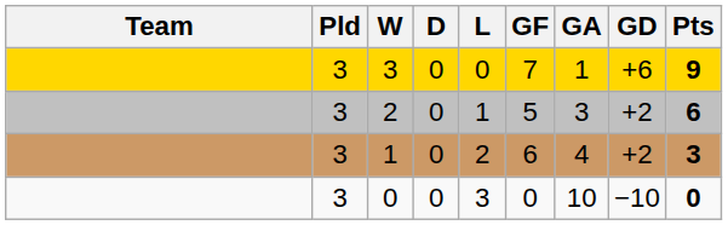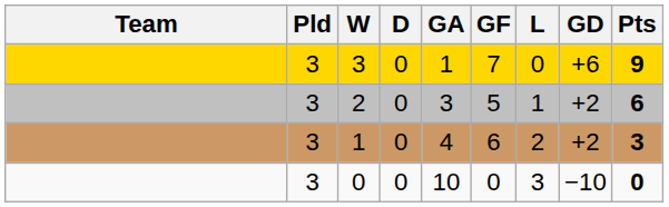 <table class="wikitable" style="text-align:center;">
 <tr>
 <th width=175>Team</th>
 <th width=20 abbr="Played">Pld</th>
 <th width=20 abbr="Won">W</th>
 <th width=20 abbr="Drawn">D</th>
+<th width=20 abbr="Goals against">GA</th>
+<th width=20 abbr="Goals for">GF</th>
 <th width=20 abbr="Lost">L</th>
-<th width=20 abbr="Goals for">GF</th>
-<th width=20 abbr="Goals against">GA</th>
 <th width=20 abbr="Goal difference">GD</th>
 <th width=20 abbr="Points">Pts</th>
 </tr>
 <tr bgcolor=gold>
 <td align="left"><strong></strong></td>
 <td>3</td>
 <td>3</td>
 <td>0</td>
+<td>1</td>
+<td>7</td>
 <td>0</td>
-<td>7</td>
-<td>1</td>
 <td>+6</td>
 <td><strong>9</strong></td>
 </tr>
 <tr bgcolor=silver>
 <td align="left"></td>
 <td>3</td>
 <td>2</td>
 <td>0</td>
+<td>3</td>
+<td>5</td>
 <td>1</td>
-<td>5</td>
-<td>3</td>
 <td>+2</td>
 <td><strong>6</strong></td>
 </tr>
 <tr bgcolor=#cc9966>
 <td align="left"></td>
 <td>3</td>
 <td>1</td>
 <td>0</td>
+<td>4</td>
+<td>6</td>
 <td>2</td>
-<td>6</td>
-<td>4</td>
 <td>+2</td>
 <td><strong>3</strong></td>
 </tr>
 <tr>
 <td align="left"></td>
 <td>3</td>
 <td>0</td>
 <td>0</td>
+<td>10</td>
+<td>0</td>
 <td>3</td>
-<td>0</td>
-<td>10</td>
 <td>−10</td>
 <td><strong>0</strong></td>
 </tr>
 </table>
